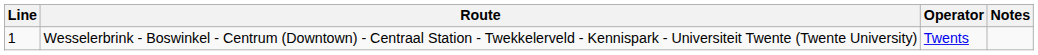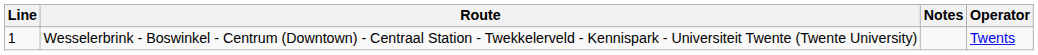 <table class="wikitable">
 <tr>
 <th>Line</th>
 <th>Route</th>
+<th>Notes</th>
 <th>Operator</th>
-<th>Notes</th>
 </tr>
 <tr>
 <td>1</td>
 <td>Wesselerbrink - Boswinkel - Centrum (Downtown) - Centraal Station - Twekkelerveld - Kennispark - Universiteit Twente (Twente University)</td>
+<td></td>
 <td><a href='#'>Twents</a></td>
-<td></td>
 </tr>
 </table>
